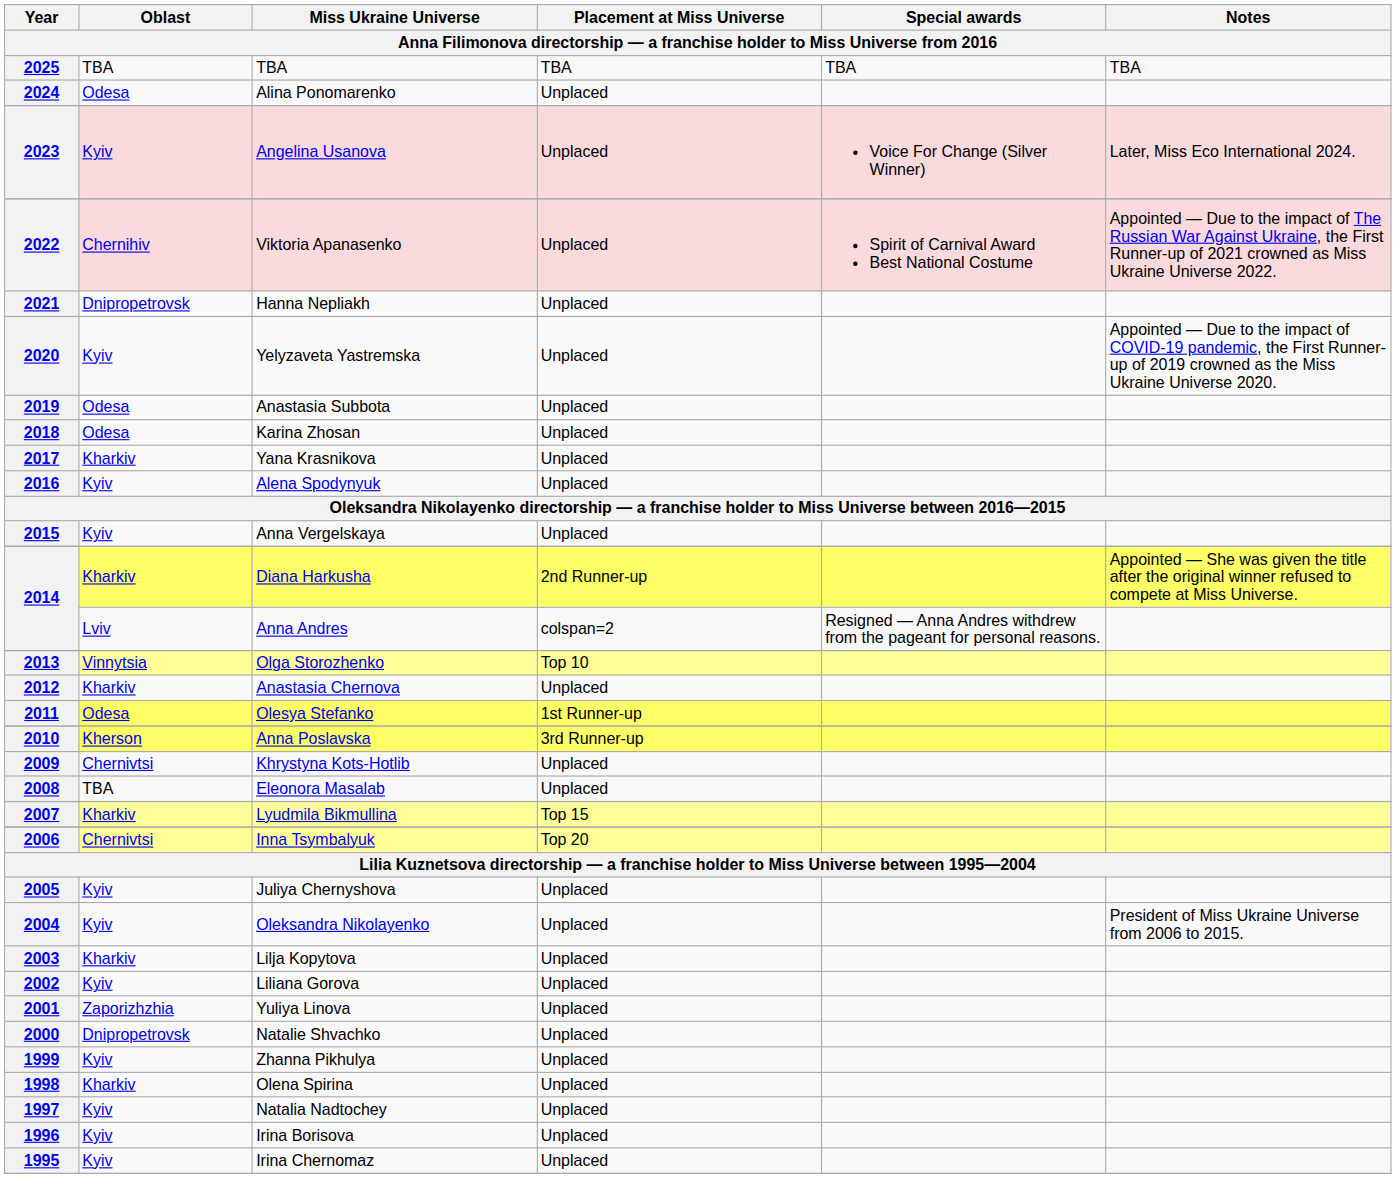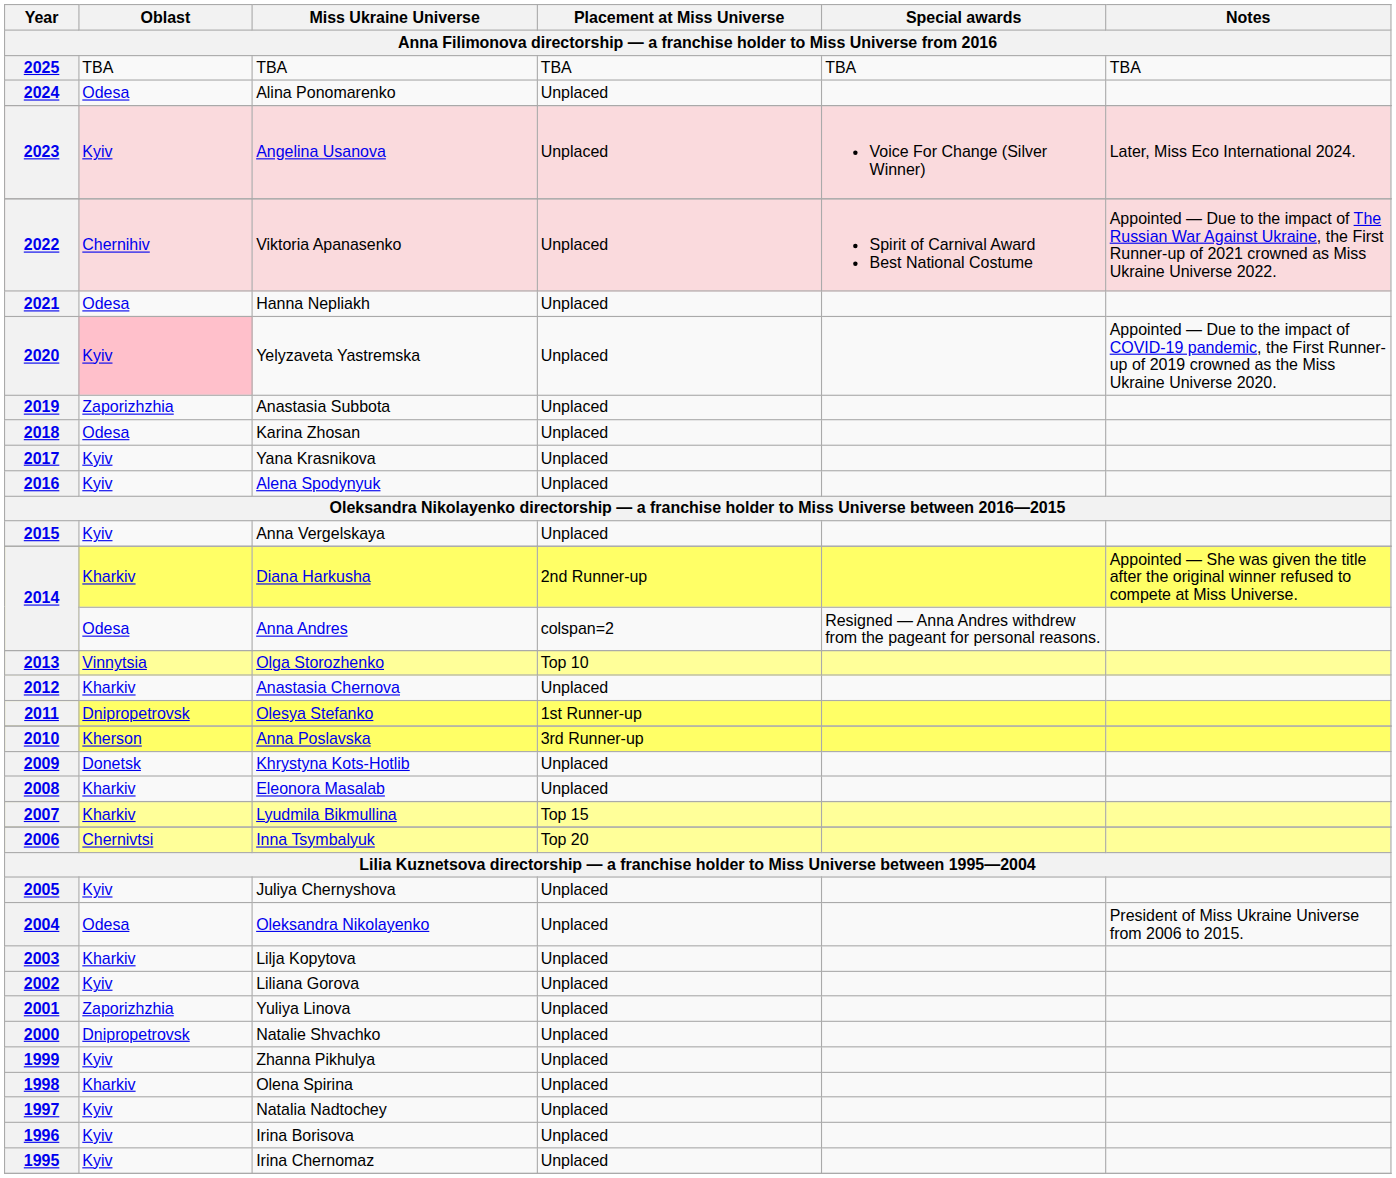 <table class="wikitable " style="font-size: 90%;">
 <tr>
 <th width="60">Year</th>
 <th width="150">Oblast</th>
 <th width="250">Miss Ukraine Universe</th>
 <th width="250">Placement at Miss Universe</th>
 <th width="250">Special awards</th>
 <th width="250">Notes</th>
 </tr>
 <tr>
 <th colspan="6">Anna Filimonova directorship — a franchise holder to Miss Universe from 2016</th>
 </tr>
 <tr>
 <th><a href='#'>2025</a></th>
 <td>TBA</td>
 <td>TBA</td>
 <td>TBA</td>
 <td>TBA</td>
 <td>TBA</td>
 </tr>
 <tr>
 <th><a href='#'>2024</a></th>
 <td><a href='#'>Odesa</a></td>
 <td>Alina Ponomarenko</td>
 <td>Unplaced</td>
 <td></td>
 <td></td>
 </tr>
 <tr>
 </tr>
 <tr style="background-color:#FADADD; ">
 <th><a href='#'>2023</a></th>
 <td><a href='#'>Kyiv</a></td>
 <td><a href='#'>Angelina Usanova</a></td>
 <td>Unplaced</td>
 <td align="left"><br><ul><li>Voice For Change (Silver Winner)</li></ul></td>
 <td>Later, Miss Eco International 2024.</td>
 </tr>
 <tr>
 </tr>
 <tr style="background-color:#FADADD; ">
 <th><a href='#'>2022</a></th>
 <td><a href='#'>Chernihiv</a></td>
 <td>Viktoria Apanasenko</td>
 <td>Unplaced</td>
 <td align="left"><br><ul><li>Spirit of Carnival Award</li><li>Best National Costume</li></ul></td>
 <td>Appointed — Due to the impact of <a href='#'>The Russian War Against Ukraine</a>, the First Runner-up of 2021 crowned as Miss Ukraine Universe 2022.</td>
 </tr>
 <tr>
 <th><a href='#'>2021</a></th>
-<td><a href='#'>Dnipropetrovsk</a></td>
+<td><a href='#'>Odesa</a></td>
 <td>Hanna Nepliakh</td>
 <td>Unplaced</td>
 <td></td>
 <td></td>
 </tr>
 <tr>
 <th><a href='#'>2020</a></th>
-<td><a href='#'>Kyiv</a></td>
+<td style="background: pink;"><a href='#'>Kyiv</a></td>
 <td>Yelyzaveta Yastremska</td>
 <td>Unplaced</td>
 <td></td>
 <td>Appointed — Due to the impact of <a href='#'>COVID-19 pandemic</a>, the First Runner-up of 2019 crowned as the Miss Ukraine Universe 2020.</td>
 </tr>
 <tr>
 <th><a href='#'>2019</a></th>
-<td><a href='#'>Odesa</a></td>
+<td><a href='#'>Zaporizhzhia</a></td>
 <td>Anastasia Subbota</td>
 <td>Unplaced</td>
 <td></td>
 <td></td>
 </tr>
 <tr>
 <th><a href='#'>2018</a></th>
 <td><a href='#'>Odesa</a></td>
 <td>Karina Zhosan</td>
 <td>Unplaced</td>
 <td></td>
 <td></td>
 </tr>
 <tr>
 <th><a href='#'>2017</a></th>
-<td><a href='#'>Kharkiv</a></td>
+<td><a href='#'>Kyiv</a></td>
 <td>Yana Krasnikova</td>
 <td>Unplaced</td>
 <td></td>
 <td></td>
 </tr>
 <tr>
 <th><a href='#'>2016</a></th>
 <td><a href='#'>Kyiv</a></td>
 <td><a href='#'>Alena Spodynyuk</a></td>
 <td>Unplaced</td>
 <td></td>
 <td></td>
 </tr>
 <tr>
 <th colspan="6">Oleksandra Nikolayenko directorship — a franchise holder to Miss Universe between 2016―2015</th>
 </tr>
 <tr>
 <th><a href='#'>2015</a></th>
 <td><a href='#'>Kyiv</a></td>
 <td>Anna Vergelskaya</td>
 <td>Unplaced</td>
 <td></td>
 <td></td>
 </tr>
 <tr>
 </tr>
 <tr style="background-color:#FFFF66; ">
 <th rowspan="2"><a href='#'>2014</a></th>
 <td><a href='#'>Kharkiv</a></td>
 <td><a href='#'>Diana Harkusha</a></td>
 <td>2nd Runner-up</td>
 <td></td>
 <td>Appointed — She was given the title after the original winner refused to compete at Miss Universe.</td>
 </tr>
 <tr>
-<td><a href='#'>Lviv</a></td>
+<td><a href='#'>Odesa</a></td>
 <td><a href='#'>Anna Andres</a></td>
 <td>colspan=2 </td>
 <td>Resigned — Anna Andres withdrew from the pageant for personal reasons.</td>
 </tr>
 <tr>
 </tr>
 <tr style="background-color:#FFFF99; ">
 <th><a href='#'>2013</a></th>
 <td><a href='#'>Vinnytsia</a></td>
 <td><a href='#'>Olga Storozhenko</a></td>
 <td>Top 10</td>
 <td></td>
 <td></td>
 </tr>
 <tr>
 <th><a href='#'>2012</a></th>
 <td><a href='#'>Kharkiv</a></td>
 <td><a href='#'>Anastasia Chernova</a></td>
 <td>Unplaced</td>
 <td></td>
 <td></td>
 </tr>
 <tr style="background-color:#FFFF66; ">
 <th><a href='#'>2011</a></th>
-<td><a href='#'>Odesa</a></td>
+<td><a href='#'>Dnipropetrovsk</a></td>
 <td><a href='#'>Olesya Stefanko</a></td>
 <td>1st Runner-up</td>
 <td></td>
 <td></td>
 </tr>
 <tr>
 </tr>
 <tr style="background-color:#FFFF66;">
 <th><a href='#'>2010</a></th>
 <td><a href='#'>Kherson</a></td>
 <td><a href='#'>Anna Poslavska</a></td>
 <td>3rd Runner-up</td>
 <td></td>
 <td></td>
 </tr>
 <tr>
 <th><a href='#'>2009</a></th>
-<td><a href='#'>Chernivtsi</a></td>
+<td><a href='#'>Donetsk</a></td>
 <td><a href='#'>Khrystyna Kots-Hotlib</a></td>
 <td>Unplaced</td>
 <td></td>
 <td></td>
 </tr>
 <tr>
 <th><a href='#'>2008</a></th>
-<td>TBA</td>
+<td><a href='#'>Kharkiv</a></td>
 <td><a href='#'>Eleonora Masalab</a></td>
 <td>Unplaced</td>
 <td></td>
 <td></td>
 </tr>
 <tr>
 </tr>
 <tr style="background-color:#FFFF99; ">
 <th><a href='#'>2007</a></th>
 <td><a href='#'>Kharkiv</a></td>
 <td><a href='#'>Lyudmila Bikmullina</a></td>
 <td>Top 15</td>
 <td></td>
 <td></td>
 </tr>
 <tr>
 </tr>
 <tr style="background-color:#FFFF99; ">
 <th><a href='#'>2006</a></th>
 <td><a href='#'>Chernivtsi</a></td>
 <td><a href='#'>Inna Tsymbalyuk</a></td>
 <td>Top 20</td>
 <td></td>
 <td></td>
 </tr>
 <tr>
 <th colspan="6">Lilia Kuznetsova directorship — a franchise holder to Miss Universe between 1995―2004</th>
 </tr>
 <tr>
 <th><a href='#'>2005</a></th>
 <td><a href='#'>Kyiv</a></td>
 <td>Juliya Chernyshova</td>
 <td>Unplaced</td>
 <td></td>
 <td></td>
 </tr>
 <tr>
 <th><a href='#'>2004</a></th>
-<td><a href='#'>Kyiv</a></td>
+<td><a href='#'>Odesa</a></td>
 <td><a href='#'>Oleksandra Nikolayenko</a></td>
 <td>Unplaced</td>
 <td></td>
 <td>President of Miss Ukraine Universe from 2006 to 2015.</td>
 </tr>
 <tr>
 <th><a href='#'>2003</a></th>
 <td><a href='#'>Kharkiv</a></td>
 <td>Lilja Kopytova</td>
 <td>Unplaced</td>
 <td></td>
 <td></td>
 </tr>
 <tr>
 <th><a href='#'>2002</a></th>
 <td><a href='#'>Kyiv</a></td>
 <td>Liliana Gorova</td>
 <td>Unplaced</td>
 <td></td>
 <td></td>
 </tr>
 <tr>
 <th><a href='#'>2001</a></th>
 <td><a href='#'>Zaporizhzhia</a></td>
 <td>Yuliya Linova</td>
 <td>Unplaced</td>
 <td></td>
 <td></td>
 </tr>
 <tr>
 <th><a href='#'>2000</a></th>
 <td><a href='#'>Dnipropetrovsk</a></td>
 <td>Natalie Shvachko</td>
 <td>Unplaced</td>
 <td></td>
 <td></td>
 </tr>
 <tr>
 <th><a href='#'>1999</a></th>
 <td><a href='#'>Kyiv</a></td>
 <td>Zhanna Pikhulya</td>
 <td>Unplaced</td>
 <td></td>
 <td></td>
 </tr>
 <tr>
 <th><a href='#'>1998</a></th>
 <td><a href='#'>Kharkiv</a></td>
 <td>Olena Spirina</td>
 <td>Unplaced</td>
 <td></td>
 <td></td>
 </tr>
 <tr>
 <th><a href='#'>1997</a></th>
 <td><a href='#'>Kyiv</a></td>
 <td>Natalia Nadtochey</td>
 <td>Unplaced</td>
 <td></td>
 <td></td>
 </tr>
 <tr>
 <th><a href='#'>1996</a></th>
 <td><a href='#'>Kyiv</a></td>
 <td>Irina Borisova</td>
 <td>Unplaced</td>
 <td></td>
 <td></td>
 </tr>
 <tr>
 <th><a href='#'>1995</a></th>
 <td><a href='#'>Kyiv</a></td>
 <td>Irina Chernomaz</td>
 <td>Unplaced</td>
 <td></td>
 <td></td>
 </tr>
 <tr>
 </tr>
 </table>
